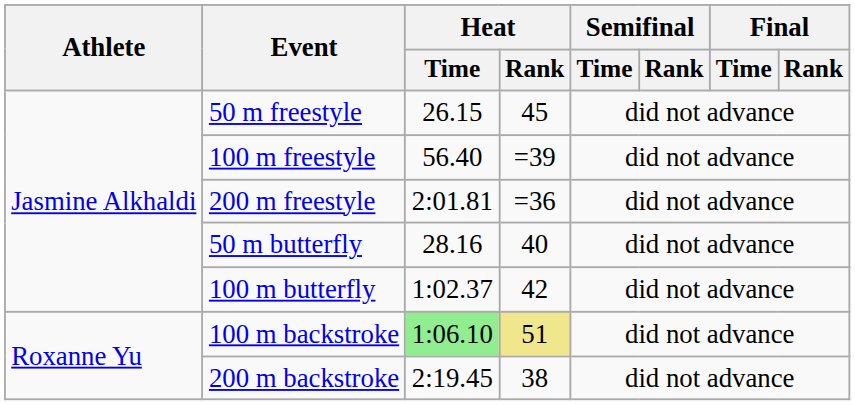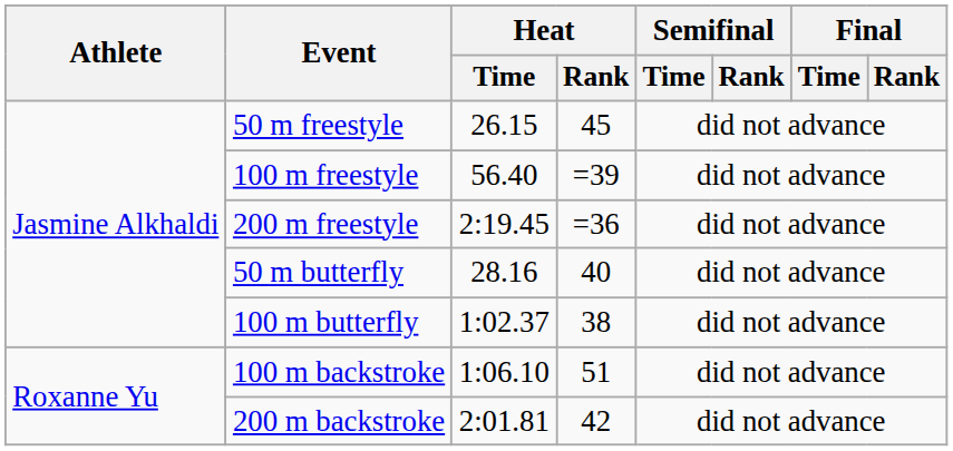 <table class=wikitable style="font-size:90%">
 <tr>
 <th rowspan="2">Athlete</th>
 <th rowspan="2">Event</th>
 <th colspan="2">Heat</th>
 <th colspan="2">Semifinal</th>
 <th colspan="2">Final</th>
 </tr>
 <tr style="font-size:95%">
 <th>Time</th>
 <th>Rank</th>
 <th>Time</th>
 <th>Rank</th>
 <th>Time</th>
 <th>Rank</th>
 </tr>
 <tr align=center>
 <td align=left rowspan=5><a href='#'>Jasmine Alkhaldi</a></td>
 <td align=left><a href='#'>50 m freestyle</a></td>
 <td>26.15</td>
 <td>45</td>
 <td colspan=4>did not advance</td>
 </tr>
 <tr align=center>
 <td align=left><a href='#'>100 m freestyle</a></td>
 <td>56.40</td>
 <td>=39</td>
 <td colspan=4>did not advance</td>
 </tr>
 <tr align=center>
 <td align=left><a href='#'>200 m freestyle</a></td>
-<td>2:01.81</td>
+<td>2:19.45</td>
 <td>=36</td>
 <td colspan=4>did not advance</td>
 </tr>
 <tr align=center>
 <td align=left><a href='#'>50 m butterfly</a></td>
 <td>28.16</td>
 <td>40</td>
 <td colspan=4>did not advance</td>
 </tr>
 <tr align=center>
 <td align=left><a href='#'>100 m butterfly</a></td>
 <td>1:02.37</td>
-<td>42</td>
+<td>38</td>
 <td colspan=4>did not advance</td>
 </tr>
 <tr align=center>
 <td align=left rowspan=2><a href='#'>Roxanne Yu</a></td>
 <td align=left><a href='#'>100 m backstroke</a></td>
-<td style="background: lightgreen;">1:06.10</td>
-<td style="background: khaki;">51</td>
+<td>1:06.10</td>
+<td>51</td>
 <td colspan=4>did not advance</td>
 </tr>
 <tr align=center>
 <td align=left><a href='#'>200 m backstroke</a></td>
-<td>2:19.45</td>
-<td>38</td>
+<td>2:01.81</td>
+<td>42</td>
 <td colspan=4>did not advance</td>
 </tr>
 </table>
